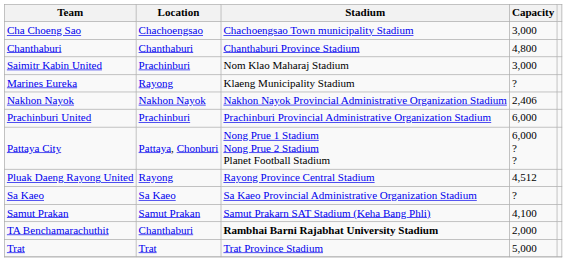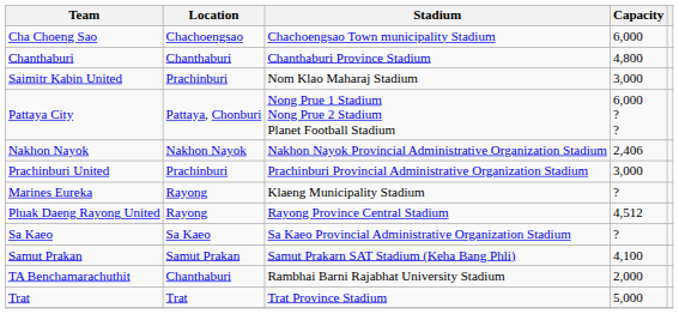 <table class="wikitable sortable">
 <tr>
 <th>Team</th>
 <th>Location</th>
 <th>Stadium</th>
 <th>Capacity</th>
 <th class="unsortable"></th>
 </tr>
 <tr>
 <td><a href='#'>Cha Choeng Sao</a></td>
 <td><a href='#'>Chachoengsao</a></td>
 <td><a href='#'>Chachoengsao Town municipality Stadium</a></td>
-<td>3,000</td>
+<td>6,000</td>
 <td></td>
 </tr>
 <tr>
 <td><a href='#'>Chanthaburi</a></td>
 <td><a href='#'>Chanthaburi</a></td>
 <td><a href='#'>Chanthaburi Province Stadium</a></td>
 <td>4,800</td>
 <td></td>
 </tr>
 <tr>
 <td><a href='#'>Saimitr Kabin United</a></td>
 <td><a href='#'>Prachinburi</a></td>
 <td>Nom Klao Maharaj Stadium</td>
 <td>3,000</td>
 <td></td>
 </tr>
 <tr>
-<td><a href='#'>Marines Eureka</a></td>
-<td><a href='#'>Rayong</a></td>
-<td>Klaeng Municipality Stadium</td>
-<td>?</td>
+<td><a href='#'>Pattaya City</a></td>
+<td><a href='#'>Pattaya</a>, <a href='#'>Chonburi</a></td>
+<td><a href='#'>Nong Prue 1 Stadium</a><br><a href='#'>Nong Prue 2 Stadium</a> <br> Planet Football Stadium</td>
+<td>6,000<br>?<br>?</td>
 <td></td>
 </tr>
 <tr>
 <td><a href='#'>Nakhon Nayok</a></td>
 <td><a href='#'>Nakhon Nayok</a></td>
 <td><a href='#'>Nakhon Nayok Provincial Administrative Organization Stadium</a></td>
 <td>2,406</td>
 <td></td>
 </tr>
 <tr>
 <td><a href='#'>Prachinburi United</a></td>
 <td><a href='#'>Prachinburi</a></td>
 <td><a href='#'>Prachinburi Provincial Administrative Organization Stadium</a></td>
-<td>6,000</td>
+<td>3,000</td>
 <td></td>
 </tr>
 <tr>
-<td><a href='#'>Pattaya City</a></td>
-<td><a href='#'>Pattaya</a>, <a href='#'>Chonburi</a></td>
-<td><a href='#'>Nong Prue 1 Stadium</a><br><a href='#'>Nong Prue 2 Stadium</a> <br> Planet Football Stadium</td>
-<td>6,000<br>?<br>?</td>
+<td><a href='#'>Marines Eureka</a></td>
+<td><a href='#'>Rayong</a></td>
+<td>Klaeng Municipality Stadium</td>
+<td>?</td>
 <td></td>
 </tr>
 <tr>
 <td><a href='#'>Pluak Daeng Rayong United</a></td>
 <td><a href='#'>Rayong</a></td>
 <td><a href='#'>Rayong Province Central Stadium</a></td>
 <td>4,512</td>
 <td></td>
 </tr>
 <tr>
 <td><a href='#'>Sa Kaeo</a></td>
 <td><a href='#'>Sa Kaeo</a></td>
 <td><a href='#'>Sa Kaeo Provincial Administrative Organization Stadium</a></td>
 <td>?</td>
 <td></td>
 </tr>
 <tr>
 <td><a href='#'>Samut Prakan</a></td>
 <td><a href='#'>Samut Prakan</a></td>
 <td><a href='#'>Samut Prakarn SAT Stadium (Keha Bang Phli)</a></td>
 <td>4,100</td>
 <td></td>
 </tr>
 <tr>
 <td><a href='#'>TA Benchamarachuthit</a></td>
 <td><a href='#'>Chanthaburi</a></td>
-<td><strong>Rambhai Barni Rajabhat University Stadium</strong></td>
+<td>Rambhai Barni Rajabhat University Stadium</td>
 <td>2,000</td>
 <td></td>
 </tr>
 <tr>
 <td><a href='#'>Trat</a></td>
 <td><a href='#'>Trat</a></td>
 <td><a href='#'>Trat Province Stadium</a></td>
 <td>5,000</td>
 <td></td>
 </tr>
 <tr>
 </tr>
 </table>
